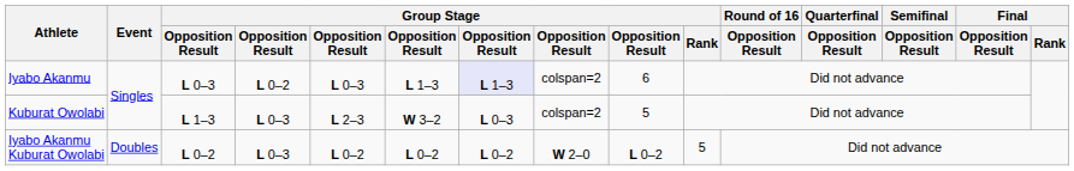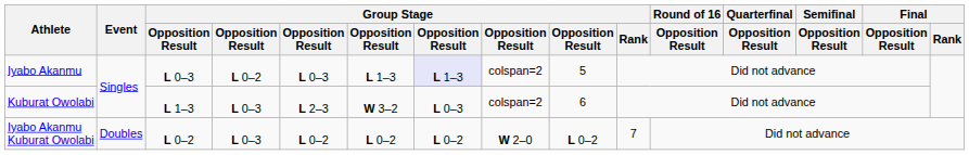 <table class=wikitable style="font-size:90%">
 <tr>
 <th rowspan="2">Athlete</th>
 <th rowspan="2">Event</th>
 <th colspan="8">Group Stage</th>
 <th>Round of 16</th>
 <th>Quarterfinal</th>
 <th>Semifinal</th>
 <th colspan=2>Final</th>
 </tr>
 <tr>
 <th>Opposition<br>Result</th>
 <th>Opposition<br>Result</th>
 <th>Opposition<br>Result</th>
 <th>Opposition<br>Result</th>
 <th>Opposition<br>Result</th>
 <th>Opposition<br>Result</th>
 <th>Opposition<br>Result</th>
 <th>Rank</th>
 <th>Opposition<br>Result</th>
 <th>Opposition<br>Result</th>
 <th>Opposition<br>Result</th>
 <th>Opposition<br>Result</th>
 <th>Rank</th>
 </tr>
 <tr align=center>
 <td align=left><a href='#'>Iyabo Akanmu</a></td>
 <td align=left rowspan=2><a href='#'>Singles</a></td>
 <td><br><strong>L</strong> 0–3</td>
 <td><br><strong>L</strong> 0–2</td>
 <td><br><strong>L</strong> 0–3</td>
 <td><br><strong>L</strong> 1–3</td>
 <td style="background: lavender;"><br><strong>L</strong> 1–3</td>
 <td>colspan=2</td>
-<td>6</td>
+<td>5</td>
 <td colspan=5>Did not advance</td>
 </tr>
 <tr align=center>
 <td align=left><a href='#'>Kuburat Owolabi</a></td>
 <td><br><strong>L</strong> 1–3</td>
 <td><br><strong>L</strong> 0–3</td>
 <td><br><strong>L</strong> 2–3</td>
 <td><br><strong>W</strong> 3–2</td>
 <td><br><strong>L</strong> 0–3</td>
 <td>colspan=2</td>
-<td>5</td>
+<td>6</td>
 <td colspan=5>Did not advance</td>
 </tr>
 <tr align=center>
 <td align=left><a href='#'>Iyabo Akanmu</a><br><a href='#'>Kuburat Owolabi</a></td>
 <td align=left><a href='#'>Doubles</a></td>
 <td><br><strong>L</strong> 0–2</td>
 <td><br><strong>L</strong> 0–3</td>
 <td><br><strong>L</strong> 0–2</td>
 <td><br><strong>L</strong> 0–2</td>
 <td><br><strong>L</strong> 0–2</td>
 <td><br><strong>W</strong> 2–0</td>
 <td><br><strong>L</strong> 0–2</td>
-<td>5</td>
+<td>7</td>
 <td colspan=5>Did not advance</td>
 </tr>
 </table>
